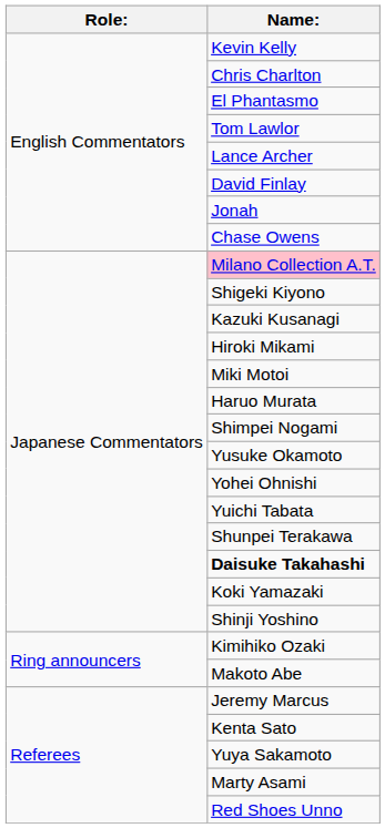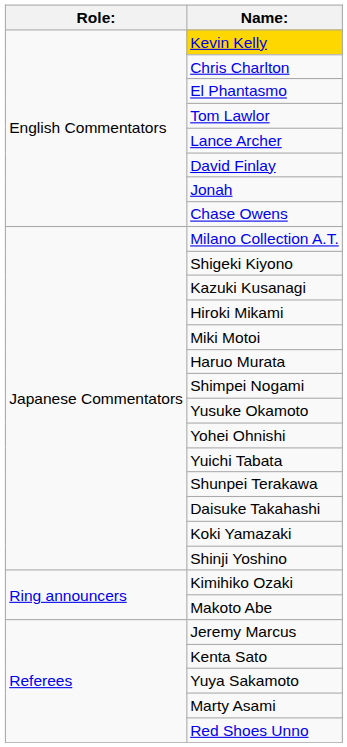 <table class="wikitable" style="font-size:90%; margin: 0.5em 0 0.5em 1em; float: right; clear: right">
 <tr>
 <th>Role:</th>
 <th>Name:</th>
 </tr>
 <tr>
 <td rowspan="8">English Commentators</td>
-<td><a href='#'>Kevin Kelly</a></td>
+<td style="background: gold;"><a href='#'>Kevin Kelly</a></td>
 </tr>
 <tr>
 <td><a href='#'>Chris Charlton</a> </td>
 </tr>
 <tr>
 <td><a href='#'>El Phantasmo</a> </td>
 </tr>
 <tr>
 <td><a href='#'>Tom Lawlor</a> </td>
 </tr>
 <tr>
 <td><a href='#'>Lance Archer</a> </td>
 </tr>
 <tr>
 <td><a href='#'>David Finlay</a> </td>
 </tr>
 <tr>
 <td><a href='#'>Jonah</a> </td>
 </tr>
 <tr>
 <td><a href='#'>Chase Owens</a> </td>
 </tr>
 <tr>
 <td rowspan="14">Japanese Commentators</td>
-<td style="background: pink;"><a href='#'>Milano Collection A.T.</a> </td>
+<td><a href='#'>Milano Collection A.T.</a> </td>
 </tr>
 <tr>
 <td>Shigeki Kiyono </td>
 </tr>
 <tr>
 <td>Kazuki Kusanagi </td>
 </tr>
 <tr>
 <td>Hiroki Mikami </td>
 </tr>
 <tr>
 <td>Miki Motoi </td>
 </tr>
 <tr>
 <td>Haruo Murata </td>
 </tr>
 <tr>
 <td>Shimpei Nogami </td>
 </tr>
 <tr>
 <td>Yusuke Okamoto </td>
 </tr>
 <tr>
 <td>Yohei Ohnishi </td>
 </tr>
 <tr>
 <td>Yuichi Tabata </td>
 </tr>
 <tr>
 <td>Shunpei Terakawa </td>
 </tr>
 <tr>
-<td><strong>Daisuke Takahashi </strong></td>
+<td>Daisuke Takahashi </td>
 </tr>
 <tr>
 <td>Koki Yamazaki </td>
 </tr>
 <tr>
 <td>Shinji Yoshino </td>
 </tr>
 <tr>
 <td rowspan="2"><a href='#'>Ring announcers</a></td>
 <td>Kimihiko Ozaki</td>
 </tr>
 <tr>
 <td>Makoto Abe</td>
 </tr>
 <tr>
 <td rowspan="5"><a href='#'>Referees</a></td>
 <td>Jeremy Marcus</td>
 </tr>
 <tr>
 <td>Kenta Sato</td>
 </tr>
 <tr>
 <td>Yuya Sakamoto</td>
 </tr>
 <tr>
 <td>Marty Asami</td>
 </tr>
 <tr>
 <td><a href='#'>Red Shoes Unno</a></td>
 </tr>
 </table>
